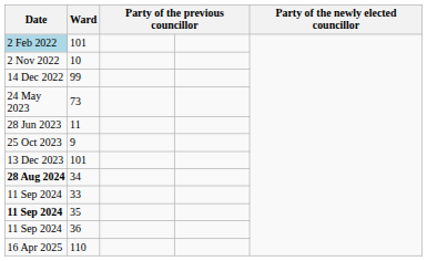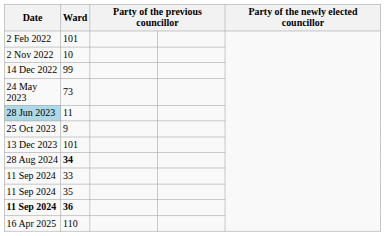 <table class="wikitable">
 <tr>
 <th>Date</th>
 <th>Ward</th>
 <th colspan=2>Party of the previous councillor</th>
 <th colspan=2>Party of the newly elected councillor</th>
 </tr>
 <tr>
-<td style="background: lightblue;">2 Feb 2022</td>
+<td>2 Feb 2022</td>
 <td>101</td>
 <td></td>
 <td></td>
 </tr>
 <tr>
 <td>2 Nov 2022</td>
 <td>10</td>
 <td></td>
 <td></td>
 </tr>
 <tr>
 <td>14 Dec 2022</td>
 <td>99</td>
 <td></td>
 <td></td>
 </tr>
 <tr>
 <td>24 May 2023</td>
 <td>73</td>
 <td></td>
 <td></td>
 </tr>
 <tr>
-<td>28 Jun 2023</td>
+<td style="background: lightblue;">28 Jun 2023</td>
 <td>11</td>
 <td></td>
 <td></td>
 </tr>
 <tr>
 <td>25 Oct 2023</td>
 <td>9</td>
 <td></td>
 <td></td>
 </tr>
 <tr>
 <td>13 Dec 2023</td>
 <td>101</td>
 <td></td>
 <td></td>
 </tr>
 <tr>
-<td><strong>28 Aug 2024</strong></td>
-<td>34</td>
+<td>28 Aug 2024</td>
+<td><strong>34</strong></td>
 <td></td>
 <td></td>
 </tr>
 <tr>
 <td>11 Sep 2024</td>
 <td>33</td>
 <td></td>
 <td></td>
 </tr>
 <tr>
-<td><strong>11 Sep 2024</strong></td>
+<td>11 Sep 2024</td>
 <td>35</td>
 <td></td>
 <td></td>
 </tr>
 <tr>
-<td>11 Sep 2024</td>
-<td>36</td>
+<td><strong>11 Sep 2024</strong></td>
+<td><strong>36</strong></td>
 <td></td>
 <td></td>
 </tr>
 <tr>
 <td>16 Apr 2025</td>
 <td>110</td>
 <td></td>
 <td></td>
 </tr>
 </table>
